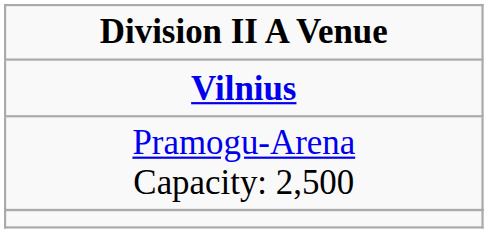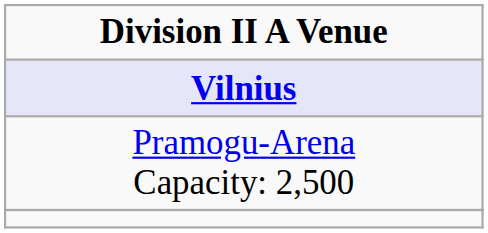 <table class="wikitable floatright" style="text-align:center;" width=220px>
 <tr>
 <td><strong>Division II A Venue</strong></td>
 </tr>
 <tr>
-<td width=220px><strong><a href='#'>Vilnius</a></strong></td>
+<td width=220px style="background: lavender;"><strong><a href='#'>Vilnius</a></strong></td>
 </tr>
 <tr>
 <td><a href='#'>Pramogu-Arena</a><br>Capacity: 2,500</td>
 </tr>
 <tr>
 </tr>
 <tr>
 <td></td>
 </tr>
 </table>
